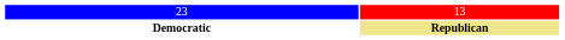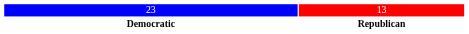 <table style="width:60%; text-align:center;">
 <tr style="color:white;">
 <td style="background:blue; width:63.9%;">23</td>
 <td style="background:red; width:36.1%;">13</td>
 </tr>
 <tr>
 <td><span><strong>Democratic</strong></span></td>
-<td style="background: khaki;"><span><strong>Republican</strong></span></td>
+<td><span><strong>Republican</strong></span></td>
 </tr>
 </table>
